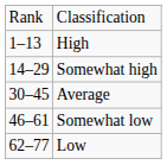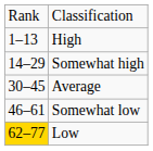 <table class="wikitable" ---valign="top">
 <tr>
 <td>Rank</td>
 <td>Classification</td>
 </tr>
 <tr>
 <td>1–13</td>
 <td>High</td>
 </tr>
 <tr>
 <td>14–29</td>
 <td>Somewhat high</td>
 </tr>
 <tr>
 <td>30–45</td>
 <td>Average</td>
 </tr>
 <tr>
 <td>46–61</td>
 <td>Somewhat low</td>
 </tr>
 <tr>
-<td>62–77</td>
+<td style="background: gold;">62–77</td>
 <td>Low</td>
 </tr>
 </table>
